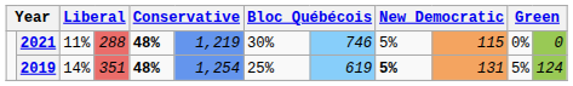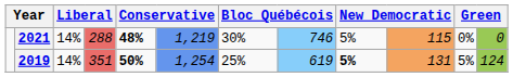 <table class="wikitable" style="width:400; font-size:90%; margin-left:1em;">
 <tr>
 <th colspan="2" scope="col">Year</th>
 <th colspan="2" scope="col"><a href='#'>Liberal</a></th>
 <th colspan="2" scope="col"><a href='#'>Conservative</a></th>
 <th colspan="2" scope="col"><a href='#'>Bloc Québécois</a></th>
 <th colspan="2" scope="col"><a href='#'>New Democratic</a></th>
 <th colspan="2" scope="col"><a href='#'>Green</a></th>
 </tr>
 <tr>
 <td rowspan="2" style="width: 0.25em; background-color: "></td>
 <th><a href='#'>2021</a></th>
-<td>11%</td>
+<td>14%</td>
 <td style="text-align:right; background:#EA6D6A;"><em>288</em></td>
 <td><strong>48%</strong></td>
 <td style="text-align:right; background:#6495ED;"><em>1,219</em></td>
 <td>30%</td>
 <td style="text-align:right; background:#87CEFA;"><em>746</em></td>
 <td>5%</td>
 <td style="text-align:right; background:#F4A460;"><em>115</em></td>
 <td>0%</td>
 <td style="text-align:right; background:#99C955;"><em>0</em></td>
 </tr>
 <tr>
 <th><a href='#'>2019</a></th>
 <td>14%</td>
 <td style="text-align:right; background:#EA6D6A;"><em>351</em></td>
-<td><strong>48%</strong></td>
+<td><strong>50%</strong></td>
 <td style="text-align:right; background:#6495ED;"><em>1,254</em></td>
 <td>25%</td>
 <td style="text-align:right; background:#87CEFA;"><em>619</em></td>
 <td><strong>5%</strong></td>
 <td style="text-align:right; background:#F4A460;"><em>131</em></td>
 <td>5%</td>
 <td style="text-align:right; background:#99C955;"><em>124</em></td>
 </tr>
 <tr>
 </tr>
 </table>
